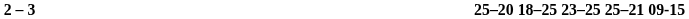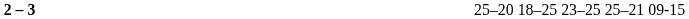 <table width=100% cellspacing=1>
 <tr>
 <th width=20%></th>
 <th width=12%></th>
 <th width=20%></th>
 <th width=33%></th>
 <td></td>
 </tr>
 <tr style=font-size:90%>
 <td align=right></td>
 <td align=center><strong>2 – 3</strong></td>
 <td><strong></strong></td>
-<td><strong>25–20 18–25 23–25 25–21 09-15</strong></td>
+<td>25–20 18–25 23–25 25–21 09-15</td>
 </tr>
 </table>
